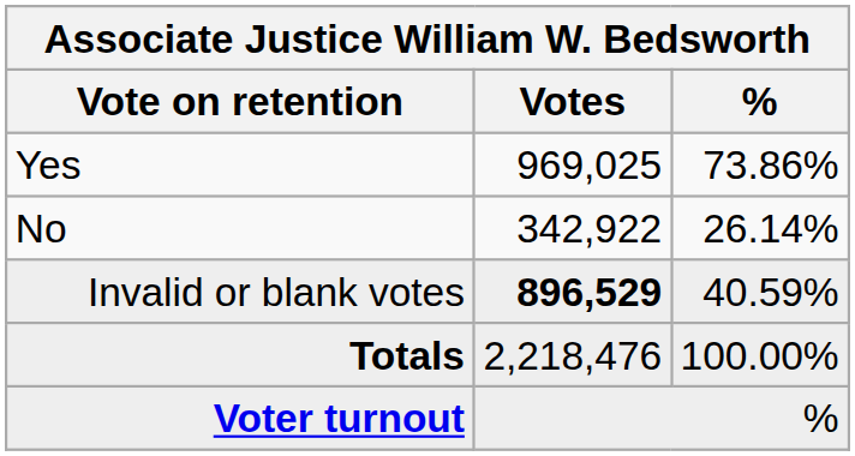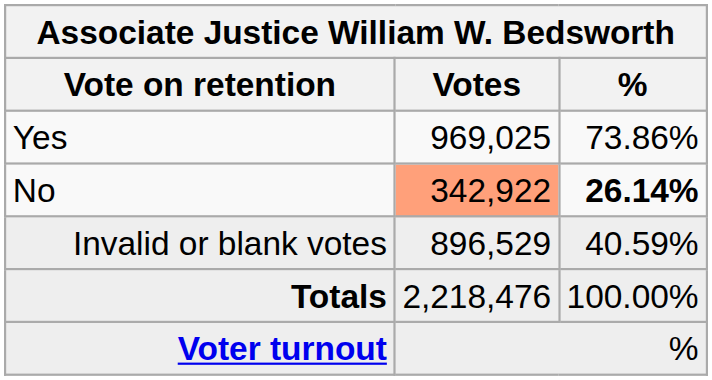 <table class="wikitable" style="font-size: 95%;">
 <tr style="background-color:#E9E9E9">
 <th colspan=7>Associate Justice William W. Bedsworth</th>
 </tr>
 <tr style="background-color:#E9E9E9">
 <th style="width: 170px">Vote on retention</th>
 <th style="width: 50px">Votes</th>
 <th style="width: 40px">%</th>
 </tr>
 <tr>
 <td>Yes</td>
 <td align="right">969,025</td>
 <td align="right">73.86%</td>
 </tr>
 <tr>
 <td>No</td>
-<td align="right">342,922</td>
-<td align="right">26.14%</td>
+<td align="right" style="background: lightsalmon;">342,922</td>
+<td align="right"><strong>26.14%</strong></td>
 </tr>
 <tr style="background-color:#EEEEEE">
 <td align="right">Invalid or blank votes</td>
-<td align="right"><strong>896,529</strong></td>
+<td align="right">896,529</td>
 <td align="right">40.59%</td>
 </tr>
 <tr style="background-color:#EEEEEE">
 <td colspan="1" align="right"><strong>Totals</strong></td>
 <td align="right">2,218,476</td>
 <td align="right">100.00%</td>
 </tr>
 <tr style="background-color:#EEEEEE">
 <td align="right"><strong><a href='#'>Voter turnout</a></strong></td>
 <td colspan="2" align="right">%</td>
 </tr>
 </table>
